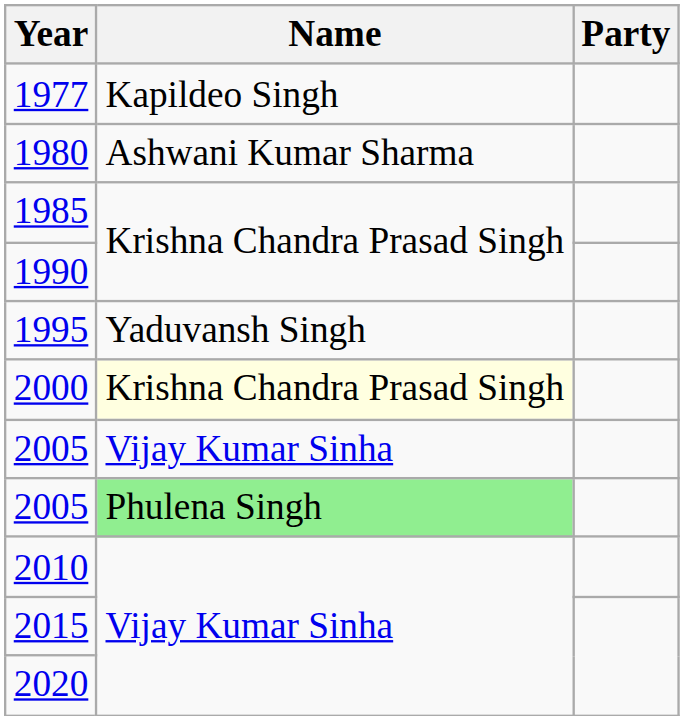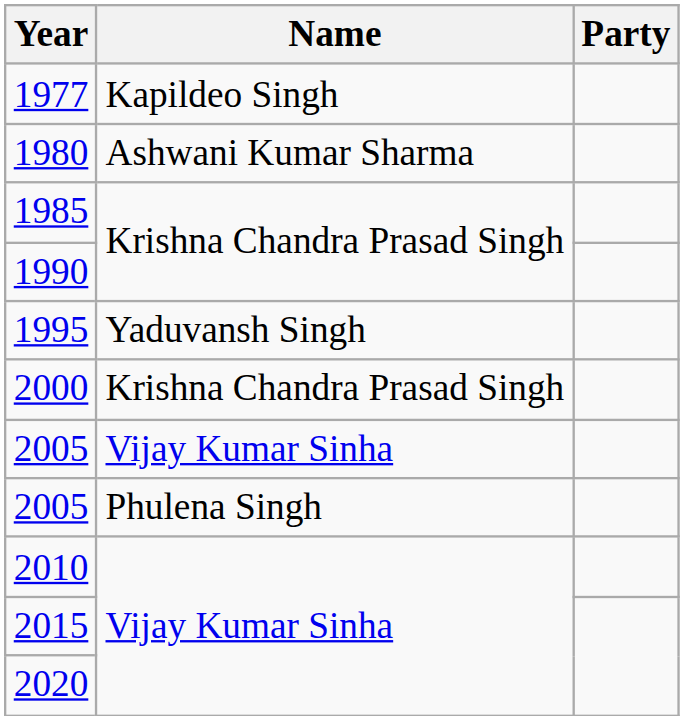 <table class="wikitable sortable">
 <tr>
 <th>Year</th>
 <th>Name</th>
 <th colspan="2">Party</th>
 </tr>
 <tr>
 <td><a href='#'>1977</a></td>
 <td>Kapildeo Singh</td>
 <td></td>
 </tr>
 <tr>
 <td><a href='#'>1980</a></td>
 <td>Ashwani Kumar Sharma</td>
 <td></td>
 </tr>
 <tr>
 <td><a href='#'>1985</a></td>
 <td rowspan="2">Krishna Chandra Prasad Singh</td>
 <td></td>
 </tr>
 <tr>
 <td><a href='#'>1990</a></td>
 <td></td>
 </tr>
 <tr>
 <td><a href='#'>1995</a></td>
 <td>Yaduvansh Singh</td>
 </tr>
 <tr>
 <td><a href='#'>2000</a></td>
-<td style="background: lightyellow;">Krishna Chandra Prasad Singh</td>
+<td>Krishna Chandra Prasad Singh</td>
 <td></td>
 </tr>
 <tr>
 <td><a href='#'>2005</a></td>
 <td><a href='#'>Vijay Kumar Sinha</a></td>
 </tr>
 <tr>
 <td><a href='#'>2005</a></td>
-<td style="background: lightgreen;">Phulena Singh</td>
+<td>Phulena Singh</td>
 <td></td>
 </tr>
 <tr>
 <td><a href='#'>2010</a></td>
 <td rowspan="3"><a href='#'>Vijay Kumar Sinha</a></td>
 <td></td>
 </tr>
 <tr>
 <td><a href='#'>2015</a></td>
 </tr>
 <tr>
 <td><a href='#'>2020</a></td>
 </tr>
 </table>
